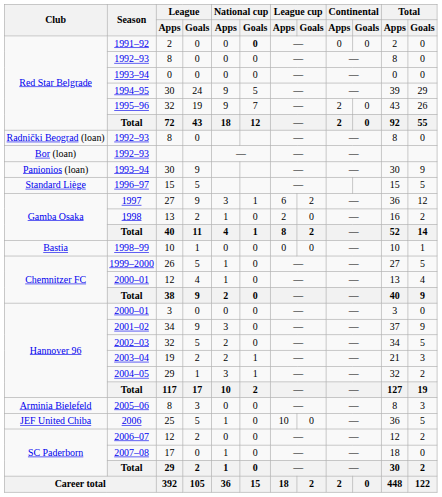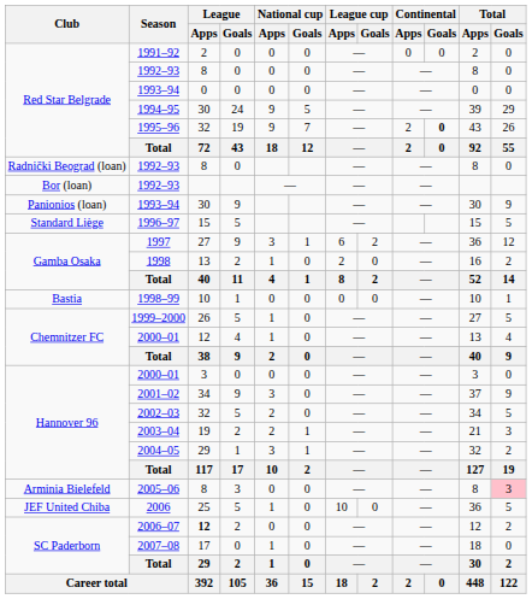 <table class="wikitable" style="text-align:center">
 <tr>
 <th rowspan="2">Club</th>
 <th rowspan="2">Season</th>
 <th colspan="2">League</th>
 <th colspan="2">National cup</th>
 <th colspan="2">League cup</th>
 <th colspan="2">Continental</th>
 <th colspan="2">Total</th>
 </tr>
 <tr>
 <th>Apps</th>
 <th>Goals</th>
 <th>Apps</th>
 <th>Goals</th>
 <th>Apps</th>
 <th>Goals</th>
 <th>Apps</th>
 <th>Goals</th>
 <th>Apps</th>
 <th>Goals</th>
 </tr>
 <tr>
 <td rowspan="6"><a href='#'>Red Star Belgrade</a></td>
 <td><a href='#'>1991–92</a></td>
 <td>2</td>
 <td>0</td>
 <td>0</td>
-<td><strong>0</strong></td>
+<td>0</td>
 <td colspan="2">—</td>
 <td>0</td>
 <td>0</td>
 <td>2</td>
 <td>0</td>
 </tr>
 <tr>
 <td><a href='#'>1992–93</a></td>
 <td>8</td>
 <td>0</td>
 <td>0</td>
 <td>0</td>
 <td colspan="2">—</td>
 <td colspan="2">—</td>
 <td>8</td>
 <td>0</td>
 </tr>
 <tr>
 <td><a href='#'>1993–94</a></td>
 <td>0</td>
 <td>0</td>
 <td>0</td>
 <td>0</td>
 <td colspan="2">—</td>
 <td colspan="2">—</td>
 <td>0</td>
 <td>0</td>
 </tr>
 <tr>
 <td><a href='#'>1994–95</a></td>
 <td>30</td>
 <td>24</td>
 <td>9</td>
 <td>5</td>
 <td colspan="2">—</td>
 <td colspan="2">—</td>
 <td>39</td>
 <td>29</td>
 </tr>
 <tr>
 <td><a href='#'>1995–96</a></td>
 <td>32</td>
 <td>19</td>
 <td>9</td>
 <td>7</td>
 <td colspan="2">—</td>
 <td>2</td>
-<td>0</td>
+<td><strong>0</strong></td>
 <td>43</td>
 <td>26</td>
 </tr>
 <tr>
 <th>Total</th>
 <th>72</th>
 <th>43</th>
 <th>18</th>
 <th>12</th>
 <th colspan="2">—</th>
 <th>2</th>
 <th>0</th>
 <th>92</th>
 <th>55</th>
 </tr>
 <tr>
 <td><a href='#'>Radnički Beograd</a> (loan)</td>
 <td><a href='#'>1992–93</a></td>
 <td>8</td>
 <td>0</td>
 <td></td>
 <td></td>
 <td colspan="2">—</td>
 <td colspan="2">—</td>
 <td>8</td>
 <td>0</td>
 </tr>
 <tr>
 <td><a href='#'>Bor</a> (loan)</td>
 <td><a href='#'>1992–93</a></td>
 <td></td>
 <td></td>
 <td colspan="2">—</td>
 <td colspan="2">—</td>
 <td colspan="2">—</td>
 <td></td>
 <td></td>
 </tr>
 <tr>
 <td><a href='#'>Panionios</a> (loan)</td>
 <td><a href='#'>1993–94</a></td>
 <td>30</td>
 <td>9</td>
 <td></td>
 <td></td>
 <td colspan="2">—</td>
 <td colspan="2">—</td>
 <td>30</td>
 <td>9</td>
 </tr>
 <tr>
 <td><a href='#'>Standard Liège</a></td>
 <td><a href='#'>1996–97</a></td>
 <td>15</td>
 <td>5</td>
 <td></td>
 <td></td>
 <td colspan="2">—</td>
 <td></td>
 <td></td>
 <td>15</td>
 <td>5</td>
 </tr>
 <tr>
 <td rowspan="3"><a href='#'>Gamba Osaka</a></td>
 <td><a href='#'>1997</a></td>
 <td>27</td>
 <td>9</td>
 <td>3</td>
 <td>1</td>
 <td>6</td>
 <td>2</td>
 <td colspan="2">—</td>
 <td>36</td>
 <td>12</td>
 </tr>
 <tr>
 <td><a href='#'>1998</a></td>
 <td>13</td>
 <td>2</td>
 <td>1</td>
 <td>0</td>
 <td>2</td>
 <td>0</td>
 <td colspan="2">—</td>
 <td>16</td>
 <td>2</td>
 </tr>
 <tr>
 <th>Total</th>
 <th>40</th>
 <th>11</th>
 <th>4</th>
 <th>1</th>
 <th>8</th>
 <th>2</th>
 <th colspan="2">—</th>
 <th>52</th>
 <th>14</th>
 </tr>
 <tr>
 <td><a href='#'>Bastia</a></td>
 <td><a href='#'>1998–99</a></td>
 <td>10</td>
 <td>1</td>
 <td>0</td>
 <td>0</td>
 <td>0</td>
 <td>0</td>
 <td colspan="2">—</td>
 <td>10</td>
 <td>1</td>
 </tr>
 <tr>
 <td rowspan="3"><a href='#'>Chemnitzer FC</a></td>
 <td><a href='#'>1999–2000</a></td>
 <td>26</td>
 <td>5</td>
 <td>1</td>
 <td>0</td>
 <td colspan="2">—</td>
 <td colspan="2">—</td>
 <td>27</td>
 <td>5</td>
 </tr>
 <tr>
 <td><a href='#'>2000–01</a></td>
 <td>12</td>
 <td>4</td>
 <td>1</td>
 <td>0</td>
 <td colspan="2">—</td>
 <td colspan="2">—</td>
 <td>13</td>
 <td>4</td>
 </tr>
 <tr>
 <th>Total</th>
 <th>38</th>
 <th>9</th>
 <th>2</th>
 <th>0</th>
 <th colspan="2">—</th>
 <th colspan="2">—</th>
 <th>40</th>
 <th>9</th>
 </tr>
 <tr>
 <td rowspan="6"><a href='#'>Hannover 96</a></td>
 <td><a href='#'>2000–01</a></td>
 <td>3</td>
 <td>0</td>
 <td>0</td>
 <td>0</td>
 <td colspan="2">—</td>
 <td colspan="2">—</td>
 <td>3</td>
 <td>0</td>
 </tr>
 <tr>
 <td><a href='#'>2001–02</a></td>
 <td>34</td>
 <td>9</td>
 <td>3</td>
 <td>0</td>
 <td colspan="2">—</td>
 <td colspan="2">—</td>
 <td>37</td>
 <td>9</td>
 </tr>
 <tr>
 <td><a href='#'>2002–03</a></td>
 <td>32</td>
 <td>5</td>
 <td>2</td>
 <td>0</td>
 <td colspan="2">—</td>
 <td colspan="2">—</td>
 <td>34</td>
 <td>5</td>
 </tr>
 <tr>
 <td><a href='#'>2003–04</a></td>
 <td>19</td>
 <td>2</td>
 <td>2</td>
 <td>1</td>
 <td colspan="2">—</td>
 <td colspan="2">—</td>
 <td>21</td>
 <td>3</td>
 </tr>
 <tr>
 <td><a href='#'>2004–05</a></td>
 <td>29</td>
 <td>1</td>
 <td>3</td>
 <td>1</td>
 <td colspan="2">—</td>
 <td colspan="2">—</td>
 <td>32</td>
 <td>2</td>
 </tr>
 <tr>
 <th>Total</th>
 <th>117</th>
 <th>17</th>
 <th>10</th>
 <th>2</th>
 <th colspan="2">—</th>
 <th colspan="2">—</th>
 <th>127</th>
 <th>19</th>
 </tr>
 <tr>
 <td><a href='#'>Arminia Bielefeld</a></td>
 <td><a href='#'>2005–06</a></td>
 <td>8</td>
 <td>3</td>
 <td>0</td>
 <td>0</td>
 <td colspan="2">—</td>
 <td colspan="2">—</td>
 <td>8</td>
-<td>3</td>
+<td style="background: pink;">3</td>
 </tr>
 <tr>
 <td><a href='#'>JEF United Chiba</a></td>
 <td><a href='#'>2006</a></td>
 <td>25</td>
 <td>5</td>
 <td>1</td>
 <td>0</td>
 <td>10</td>
 <td>0</td>
 <td colspan="2">—</td>
 <td>36</td>
 <td>5</td>
 </tr>
 <tr>
 <td rowspan="3"><a href='#'>SC Paderborn</a></td>
 <td><a href='#'>2006–07</a></td>
-<td>12</td>
+<td><strong>12</strong></td>
 <td>2</td>
 <td>0</td>
 <td>0</td>
 <td colspan="2">—</td>
 <td colspan="2">—</td>
 <td>12</td>
 <td>2</td>
 </tr>
 <tr>
 <td><a href='#'>2007–08</a></td>
 <td>17</td>
 <td>0</td>
 <td>1</td>
 <td>0</td>
 <td colspan="2">—</td>
 <td colspan="2">—</td>
 <td>18</td>
 <td>0</td>
 </tr>
 <tr>
 <th>Total</th>
 <th>29</th>
 <th>2</th>
 <th>1</th>
 <th>0</th>
 <th colspan="2">—</th>
 <th colspan="2">—</th>
 <th>30</th>
 <th>2</th>
 </tr>
 <tr>
 <th colspan="2">Career total</th>
 <th>392</th>
 <th>105</th>
 <th>36</th>
 <th>15</th>
 <th>18</th>
 <th>2</th>
 <th>2</th>
 <th>0</th>
 <th>448</th>
 <th>122</th>
 </tr>
 </table>
